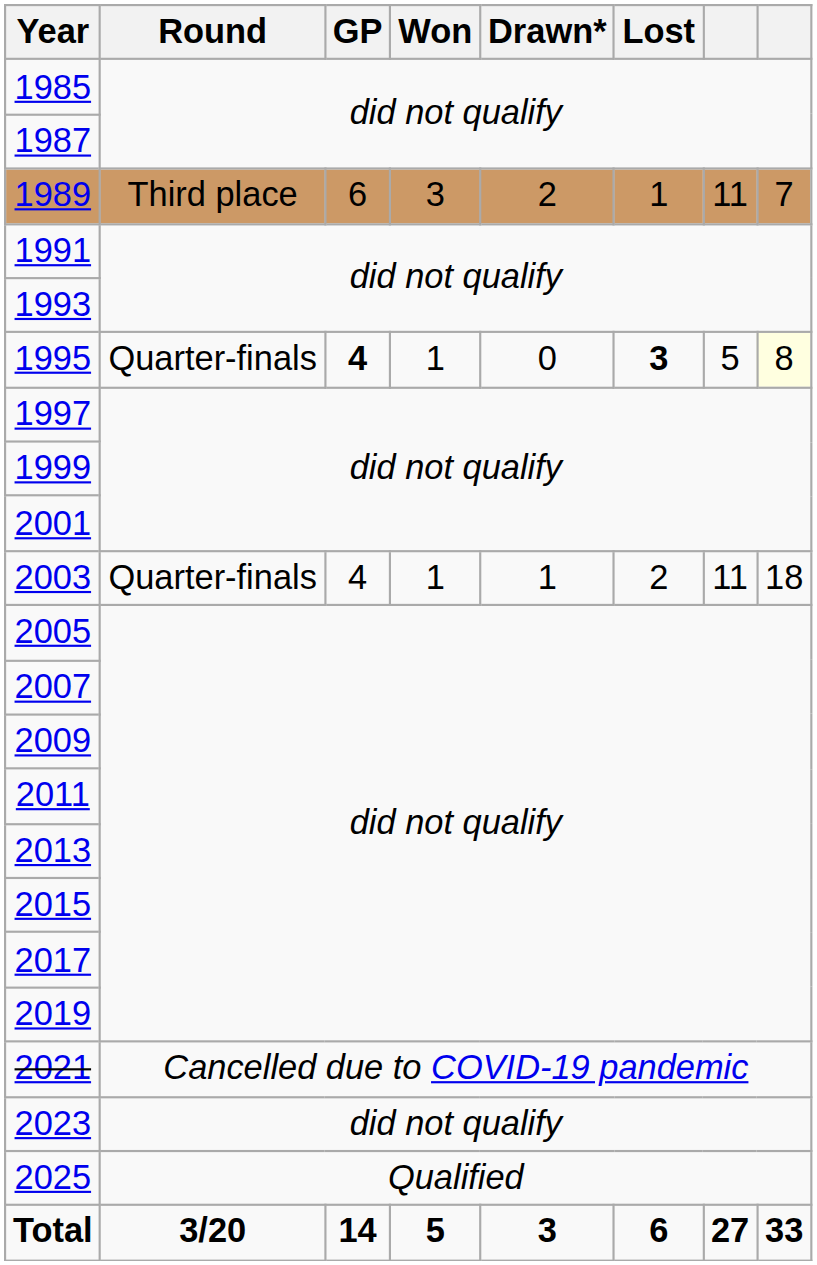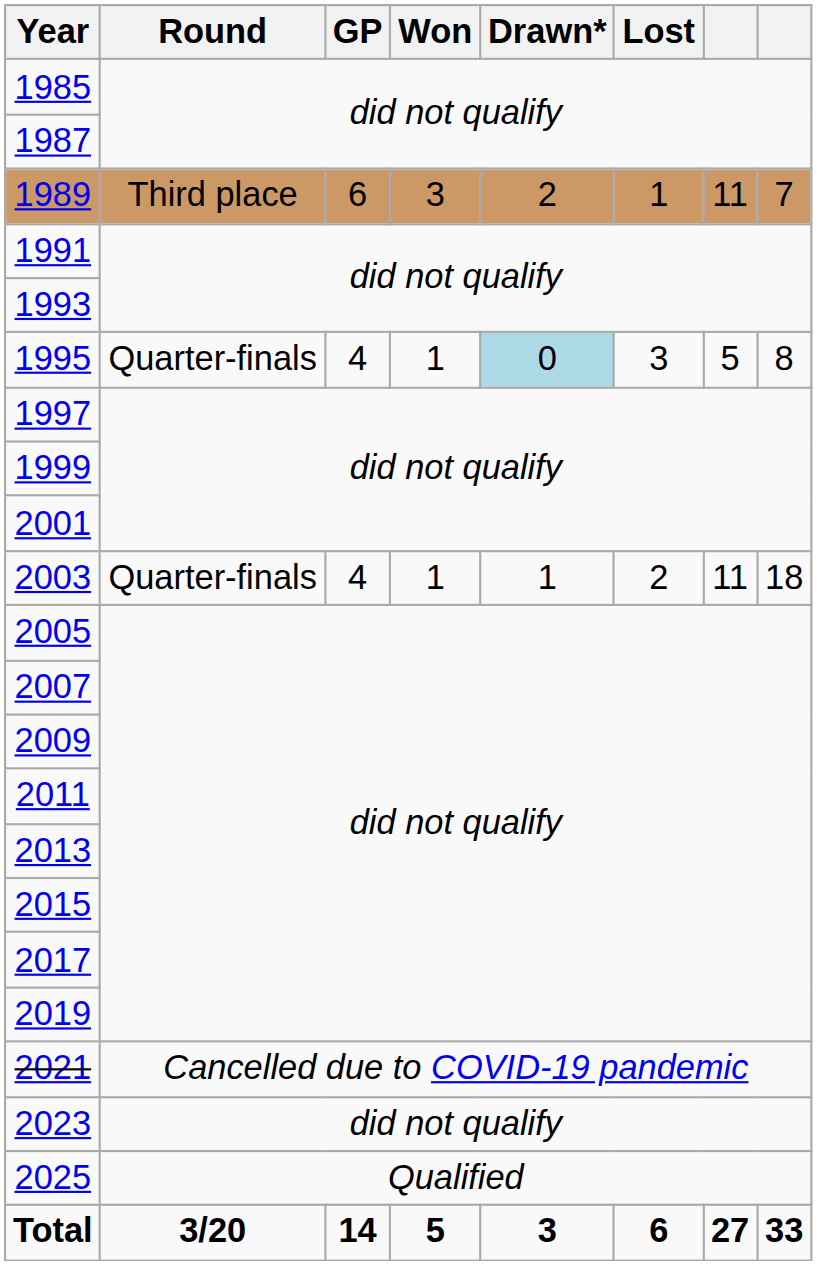 <table class="wikitable" style="text-align: center;">
 <tr>
 <th>Year</th>
 <th>Round</th>
 <th>GP</th>
 <th>Won</th>
 <th>Drawn*</th>
 <th>Lost</th>
 <th></th>
 <th></th>
 </tr>
 <tr>
 <td> <a href='#'>1985</a></td>
 <td rowspan=2 colspan=7><em>did not qualify</em></td>
 </tr>
 <tr>
 <td> <a href='#'>1987</a></td>
 </tr>
 <tr bgcolor="#cc9966">
 <td> <a href='#'>1989</a></td>
 <td>Third place</td>
 <td>6</td>
 <td>3</td>
 <td>2</td>
 <td>1</td>
 <td>11</td>
 <td>7</td>
 </tr>
 <tr>
 <td> <a href='#'>1991</a></td>
 <td rowspan=2 colspan=7><em>did not qualify</em></td>
 </tr>
 <tr>
 <td> <a href='#'>1993</a></td>
 </tr>
 <tr>
 <td> <a href='#'>1995</a></td>
 <td>Quarter-finals</td>
-<td><strong>4</strong></td>
+<td>4</td>
 <td>1</td>
-<td>0</td>
-<td><strong>3</strong></td>
+<td style="background: lightblue;">0</td>
+<td>3</td>
 <td>5</td>
-<td style="background: lightyellow;">8</td>
+<td>8</td>
 </tr>
 <tr>
 <td> <a href='#'>1997</a></td>
 <td rowspan=3 colspan=7><em>did not qualify</em></td>
 </tr>
 <tr>
 <td> <a href='#'>1999</a></td>
 </tr>
 <tr>
 <td> <a href='#'>2001</a></td>
 </tr>
 <tr>
 <td> <a href='#'>2003</a></td>
 <td>Quarter-finals</td>
 <td>4</td>
 <td>1</td>
 <td>1</td>
 <td>2</td>
 <td>11</td>
 <td>18</td>
 </tr>
 <tr>
 <td> <a href='#'>2005</a></td>
 <td rowspan=8 colspan=7><em>did not qualify</em></td>
 </tr>
 <tr>
 <td> <a href='#'>2007</a></td>
 </tr>
 <tr>
 <td> <a href='#'>2009</a></td>
 </tr>
 <tr>
 <td> <a href='#'>2011</a></td>
 </tr>
 <tr>
 <td> <a href='#'>2013</a></td>
 </tr>
 <tr>
 <td> <a href='#'>2015</a></td>
 </tr>
 <tr>
 <td> <a href='#'>2017</a></td>
 </tr>
 <tr>
 <td> <a href='#'>2019</a></td>
 </tr>
 <tr>
 <td> <s><a href='#'>2021</a></s></td>
 <td colspan=8><em>Cancelled due to <a href='#'>COVID-19 pandemic</a></em></td>
 </tr>
 <tr>
 <td> <a href='#'>2023</a></td>
 <td colspan=8><em>did not qualify</em></td>
 </tr>
 <tr>
 <td> <a href='#'>2025</a></td>
 <td colspan=8><em>Qualified</em></td>
 </tr>
 <tr>
 <td><strong>Total</strong></td>
 <td><strong>3/20</strong></td>
 <td><strong>14</strong></td>
 <td><strong>5</strong></td>
 <td><strong>3</strong></td>
 <td><strong>6</strong></td>
 <td><strong>27</strong></td>
 <td><strong>33</strong></td>
 </tr>
 </table>
